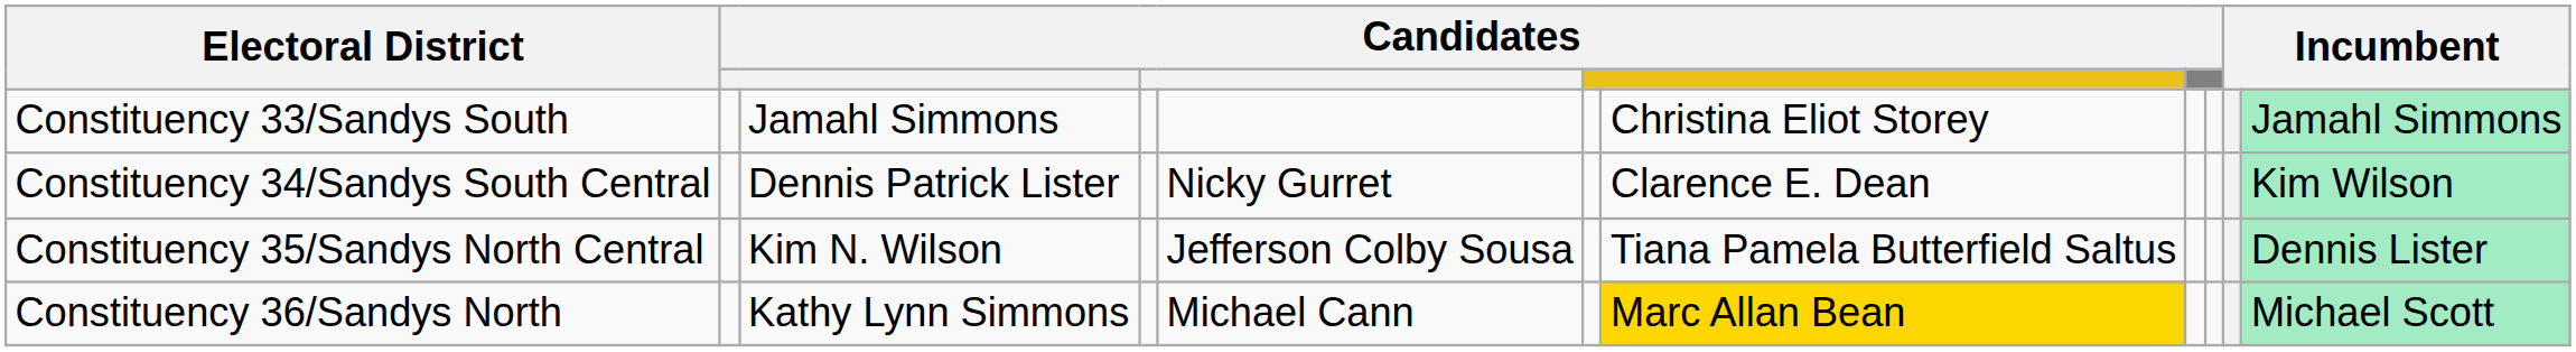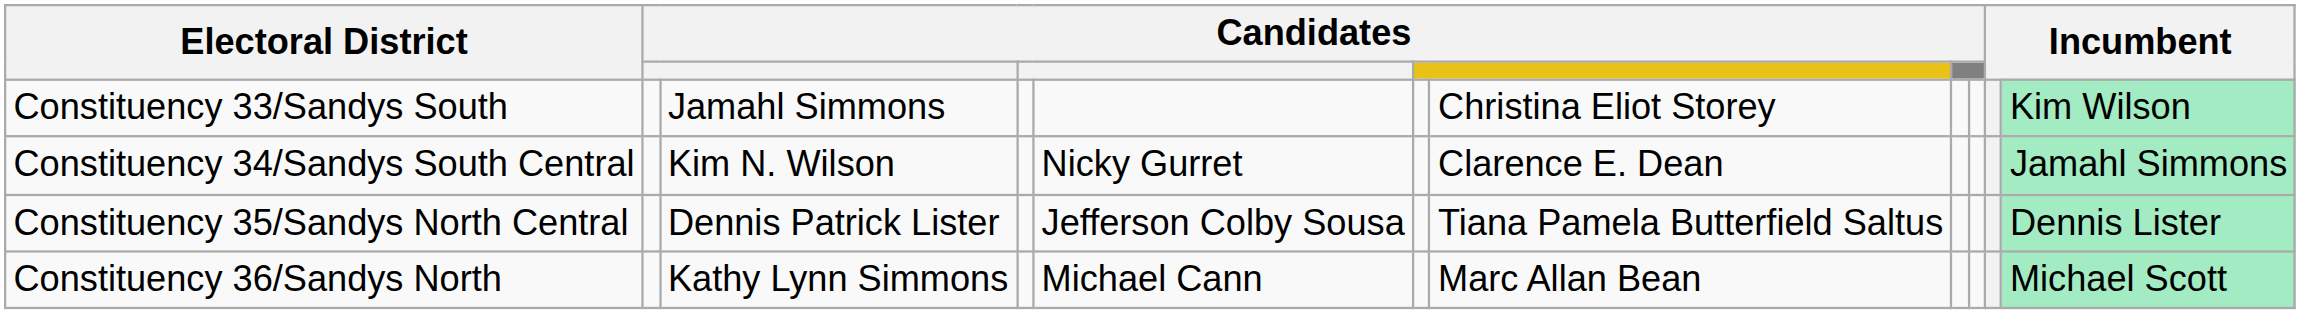 <table class="wikitable">
 <tr>
 <th rowspan="2">Electoral District</th>
 <th colspan="8">Candidates</th>
 <th colspan="2" rowspan="2">Incumbent</th>
 </tr>
 <tr>
 <th colspan="2" style="background:"><a href='#'></a></th>
 <th colspan="2" style="background:"><a href='#'></a></th>
 <td colspan="2" style="background:#EAC117"><a href='#'></a></td>
 <td colspan="2" style="background:grey"><a href='#'></a></td>
 </tr>
 <tr>
 <td>Constituency 33/Sandys South</td>
 <td></td>
 <td>Jamahl Simmons</td>
 <td></td>
 <td></td>
 <td></td>
 <td>Christina Eliot Storey</td>
 <td></td>
 <td></td>
 <th style="background:"></th>
-<td style="background:#a3ebc3">Jamahl Simmons</td>
+<td style="background:#a3ebc3">Kim Wilson</td>
 </tr>
 <tr>
 <td>Constituency 34/Sandys South Central</td>
 <td></td>
-<td>Dennis Patrick Lister</td>
+<td>Kim N. Wilson</td>
 <td></td>
 <td>Nicky Gurret</td>
 <td></td>
 <td>Clarence E. Dean</td>
 <td></td>
 <td></td>
 <th style="background:"></th>
-<td style="background:#a3ebc3">Kim Wilson</td>
+<td style="background:#a3ebc3">Jamahl Simmons</td>
 </tr>
 <tr>
 <td>Constituency 35/Sandys North Central</td>
 <td></td>
-<td>Kim N. Wilson</td>
+<td>Dennis Patrick Lister</td>
 <td></td>
 <td>Jefferson Colby Sousa</td>
 <td></td>
 <td>Tiana Pamela Butterfield Saltus</td>
 <td></td>
 <td></td>
 <th style="background:"></th>
 <td style="background:#a3ebc3">Dennis Lister</td>
 </tr>
 <tr>
 <td>Constituency 36/Sandys North</td>
 <td></td>
 <td>Kathy Lynn Simmons</td>
 <td></td>
 <td>Michael Cann</td>
 <td></td>
-<td style="background: gold;">Marc Allan Bean</td>
+<td>Marc Allan Bean</td>
 <td></td>
 <td></td>
 <th style="background:"></th>
 <td style="background:#a3ebc3">Michael Scott</td>
 </tr>
 </table>
